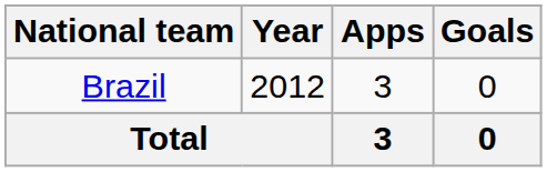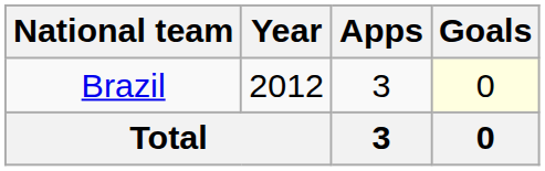 <table class="wikitable" style="text-align:center">
 <tr>
 <th>National team</th>
 <th>Year</th>
 <th>Apps</th>
 <th>Goals</th>
 </tr>
 <tr>
 <td><a href='#'>Brazil</a></td>
 <td>2012</td>
 <td>3</td>
-<td>0</td>
+<td style="background: lightyellow;">0</td>
 </tr>
 <tr>
 <th colspan="2">Total</th>
 <th>3</th>
 <th>0</th>
 </tr>
 </table>
